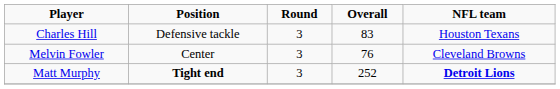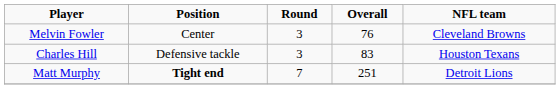 <table class="wikitable" width="80%">
 <tr align="center">
 <td><strong>Player</strong></td>
 <td><strong>Position</strong></td>
 <td><strong>Round</strong></td>
 <td><strong>Overall</strong></td>
 <td><strong>NFL team</strong></td>
 </tr>
 <tr align="center" bgcolor="">
+<td><a href='#'>Melvin Fowler</a></td>
+<td>Center</td>
+<td>3</td>
+<td>76</td>
+<td><a href='#'>Cleveland Browns</a></td>
+</tr>
+<tr align="center" bgcolor="">
 <td><a href='#'>Charles Hill</a></td>
 <td>Defensive tackle</td>
 <td>3</td>
 <td>83</td>
 <td><a href='#'>Houston Texans</a></td>
 </tr>
 <tr align="center" bgcolor="">
-<td><a href='#'>Melvin Fowler</a></td>
-<td>Center</td>
-<td>3</td>
-<td>76</td>
-<td><a href='#'>Cleveland Browns</a></td>
-</tr>
-<tr align="center" bgcolor="">
 <td><a href='#'>Matt Murphy</a></td>
 <td><strong>Tight end</strong></td>
-<td>3</td>
-<td>252</td>
-<td><strong><a href='#'>Detroit Lions</a></strong></td>
+<td>7</td>
+<td>251</td>
+<td><a href='#'>Detroit Lions</a></td>
 </tr>
 <tr align="center" bgcolor="">
 </tr>
 </table>
